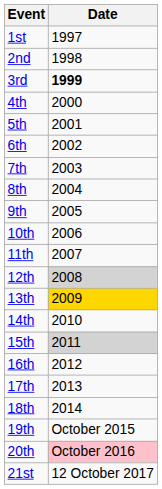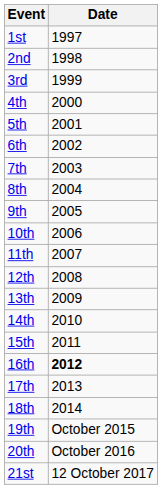 <table class="wikitable">
 <tr>
 <th>Event</th>
 <th>Date</th>
 </tr>
 <tr>
 <td><a href='#'>1st</a></td>
 <td>1997</td>
 </tr>
 <tr>
 <td><a href='#'>2nd</a></td>
 <td>1998</td>
 </tr>
 <tr>
 <td><a href='#'>3rd</a></td>
-<td><strong>1999</strong></td>
+<td>1999</td>
 </tr>
 <tr>
 <td><a href='#'>4th</a></td>
 <td>2000</td>
 </tr>
 <tr>
 <td><a href='#'>5th</a></td>
 <td>2001</td>
 </tr>
 <tr>
 <td><a href='#'>6th</a></td>
 <td>2002</td>
 </tr>
 <tr>
 <td><a href='#'>7th</a></td>
 <td>2003</td>
 </tr>
 <tr>
 <td><a href='#'>8th</a></td>
 <td>2004</td>
 </tr>
 <tr>
 <td><a href='#'>9th</a></td>
 <td>2005</td>
 </tr>
 <tr>
 <td><a href='#'>10th</a></td>
 <td>2006</td>
 </tr>
 <tr>
 <td><a href='#'>11th</a></td>
 <td>2007</td>
 </tr>
 <tr>
 <td><a href='#'>12th</a></td>
-<td style="background: lightgrey;">2008</td>
+<td>2008</td>
 </tr>
 <tr>
 <td><a href='#'>13th</a></td>
-<td style="background: gold;">2009</td>
+<td>2009</td>
 </tr>
 <tr>
 <td><a href='#'>14th</a></td>
 <td>2010</td>
 </tr>
 <tr>
 <td><a href='#'>15th</a></td>
-<td style="background: lightgrey;">2011</td>
+<td>2011</td>
 </tr>
 <tr>
 <td><a href='#'>16th</a></td>
-<td>2012</td>
+<td><strong>2012</strong></td>
 </tr>
 <tr>
 <td><a href='#'>17th</a></td>
 <td>2013</td>
 </tr>
 <tr>
 <td><a href='#'>18th</a></td>
 <td>2014</td>
 </tr>
 <tr>
 <td><a href='#'>19th</a></td>
 <td>October 2015</td>
 </tr>
 <tr>
 <td><a href='#'>20th</a></td>
-<td style="background: pink;">October 2016</td>
+<td>October 2016</td>
 </tr>
 <tr>
 <td><a href='#'>21st</a></td>
 <td>12 October 2017</td>
 </tr>
 </table>
